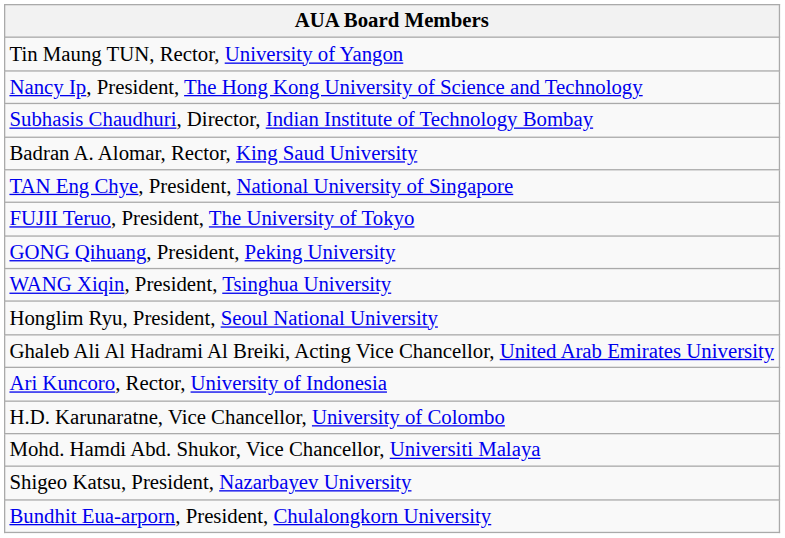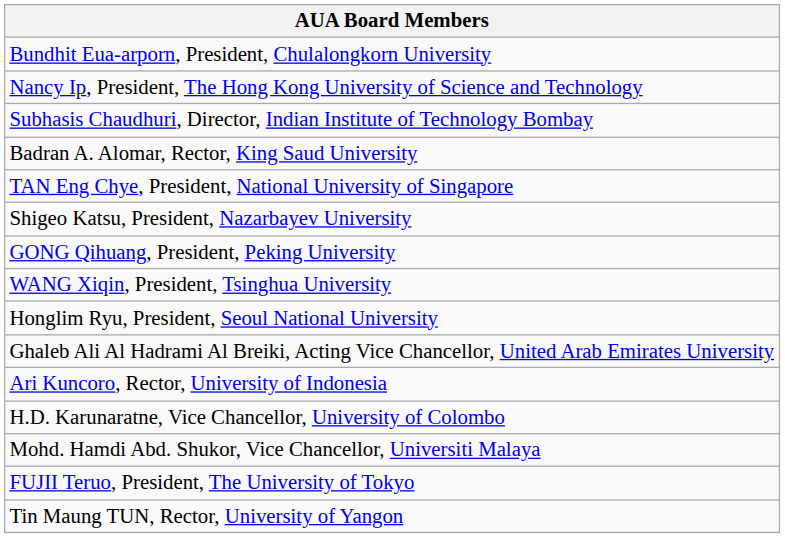 <table class="wikitable">
 <tr>
 <th>AUA Board Members</th>
 </tr>
 <tr>
-<td>Tin Maung TUN, Rector, <a href='#'>University of Yangon</a></td>
+<td><a href='#'>Bundhit Eua-arporn</a>, President, <a href='#'>Chulalongkorn University</a></td>
 </tr>
 <tr>
 <td><a href='#'>Nancy Ip</a>, President, <a href='#'>The Hong Kong University of Science and Technology</a></td>
 </tr>
 <tr>
 <td><a href='#'>Subhasis Chaudhuri</a>, Director, <a href='#'>Indian Institute of Technology Bombay</a></td>
 </tr>
 <tr>
 <td>Badran A. Alomar, Rector, <a href='#'>King Saud University</a></td>
 </tr>
 <tr>
 <td><a href='#'>TAN Eng Chye</a>, President, <a href='#'>National University of Singapore</a></td>
 </tr>
 <tr>
-<td><a href='#'>FUJII Teruo</a>, President, <a href='#'>The University of Tokyo</a></td>
+<td>Shigeo Katsu, President, <a href='#'>Nazarbayev University</a></td>
 </tr>
 <tr>
 <td><a href='#'>GONG Qihuang</a>, President, <a href='#'>Peking University</a></td>
 </tr>
 <tr>
 <td><a href='#'>WANG Xiqin</a>, President, <a href='#'>Tsinghua University</a></td>
 </tr>
 <tr>
 <td>Honglim Ryu, President, <a href='#'>Seoul National University</a></td>
 </tr>
 <tr>
 <td>Ghaleb Ali Al Hadrami Al Breiki, Acting Vice Chancellor, <a href='#'>United Arab Emirates University</a></td>
 </tr>
 <tr>
 <td><a href='#'>Ari Kuncoro</a>, Rector, <a href='#'>University of Indonesia</a></td>
 </tr>
 <tr>
 <td>H.D. Karunaratne, Vice Chancellor, <a href='#'>University of Colombo</a></td>
 </tr>
 <tr>
 <td>Mohd. Hamdi Abd. Shukor, Vice Chancellor, <a href='#'>Universiti Malaya</a></td>
 </tr>
 <tr>
-<td>Shigeo Katsu, President, <a href='#'>Nazarbayev University</a></td>
+<td><a href='#'>FUJII Teruo</a>, President, <a href='#'>The University of Tokyo</a></td>
 </tr>
 <tr>
-<td><a href='#'>Bundhit Eua-arporn</a>, President, <a href='#'>Chulalongkorn University</a></td>
+<td>Tin Maung TUN, Rector, <a href='#'>University of Yangon</a></td>
 </tr>
 </table>
